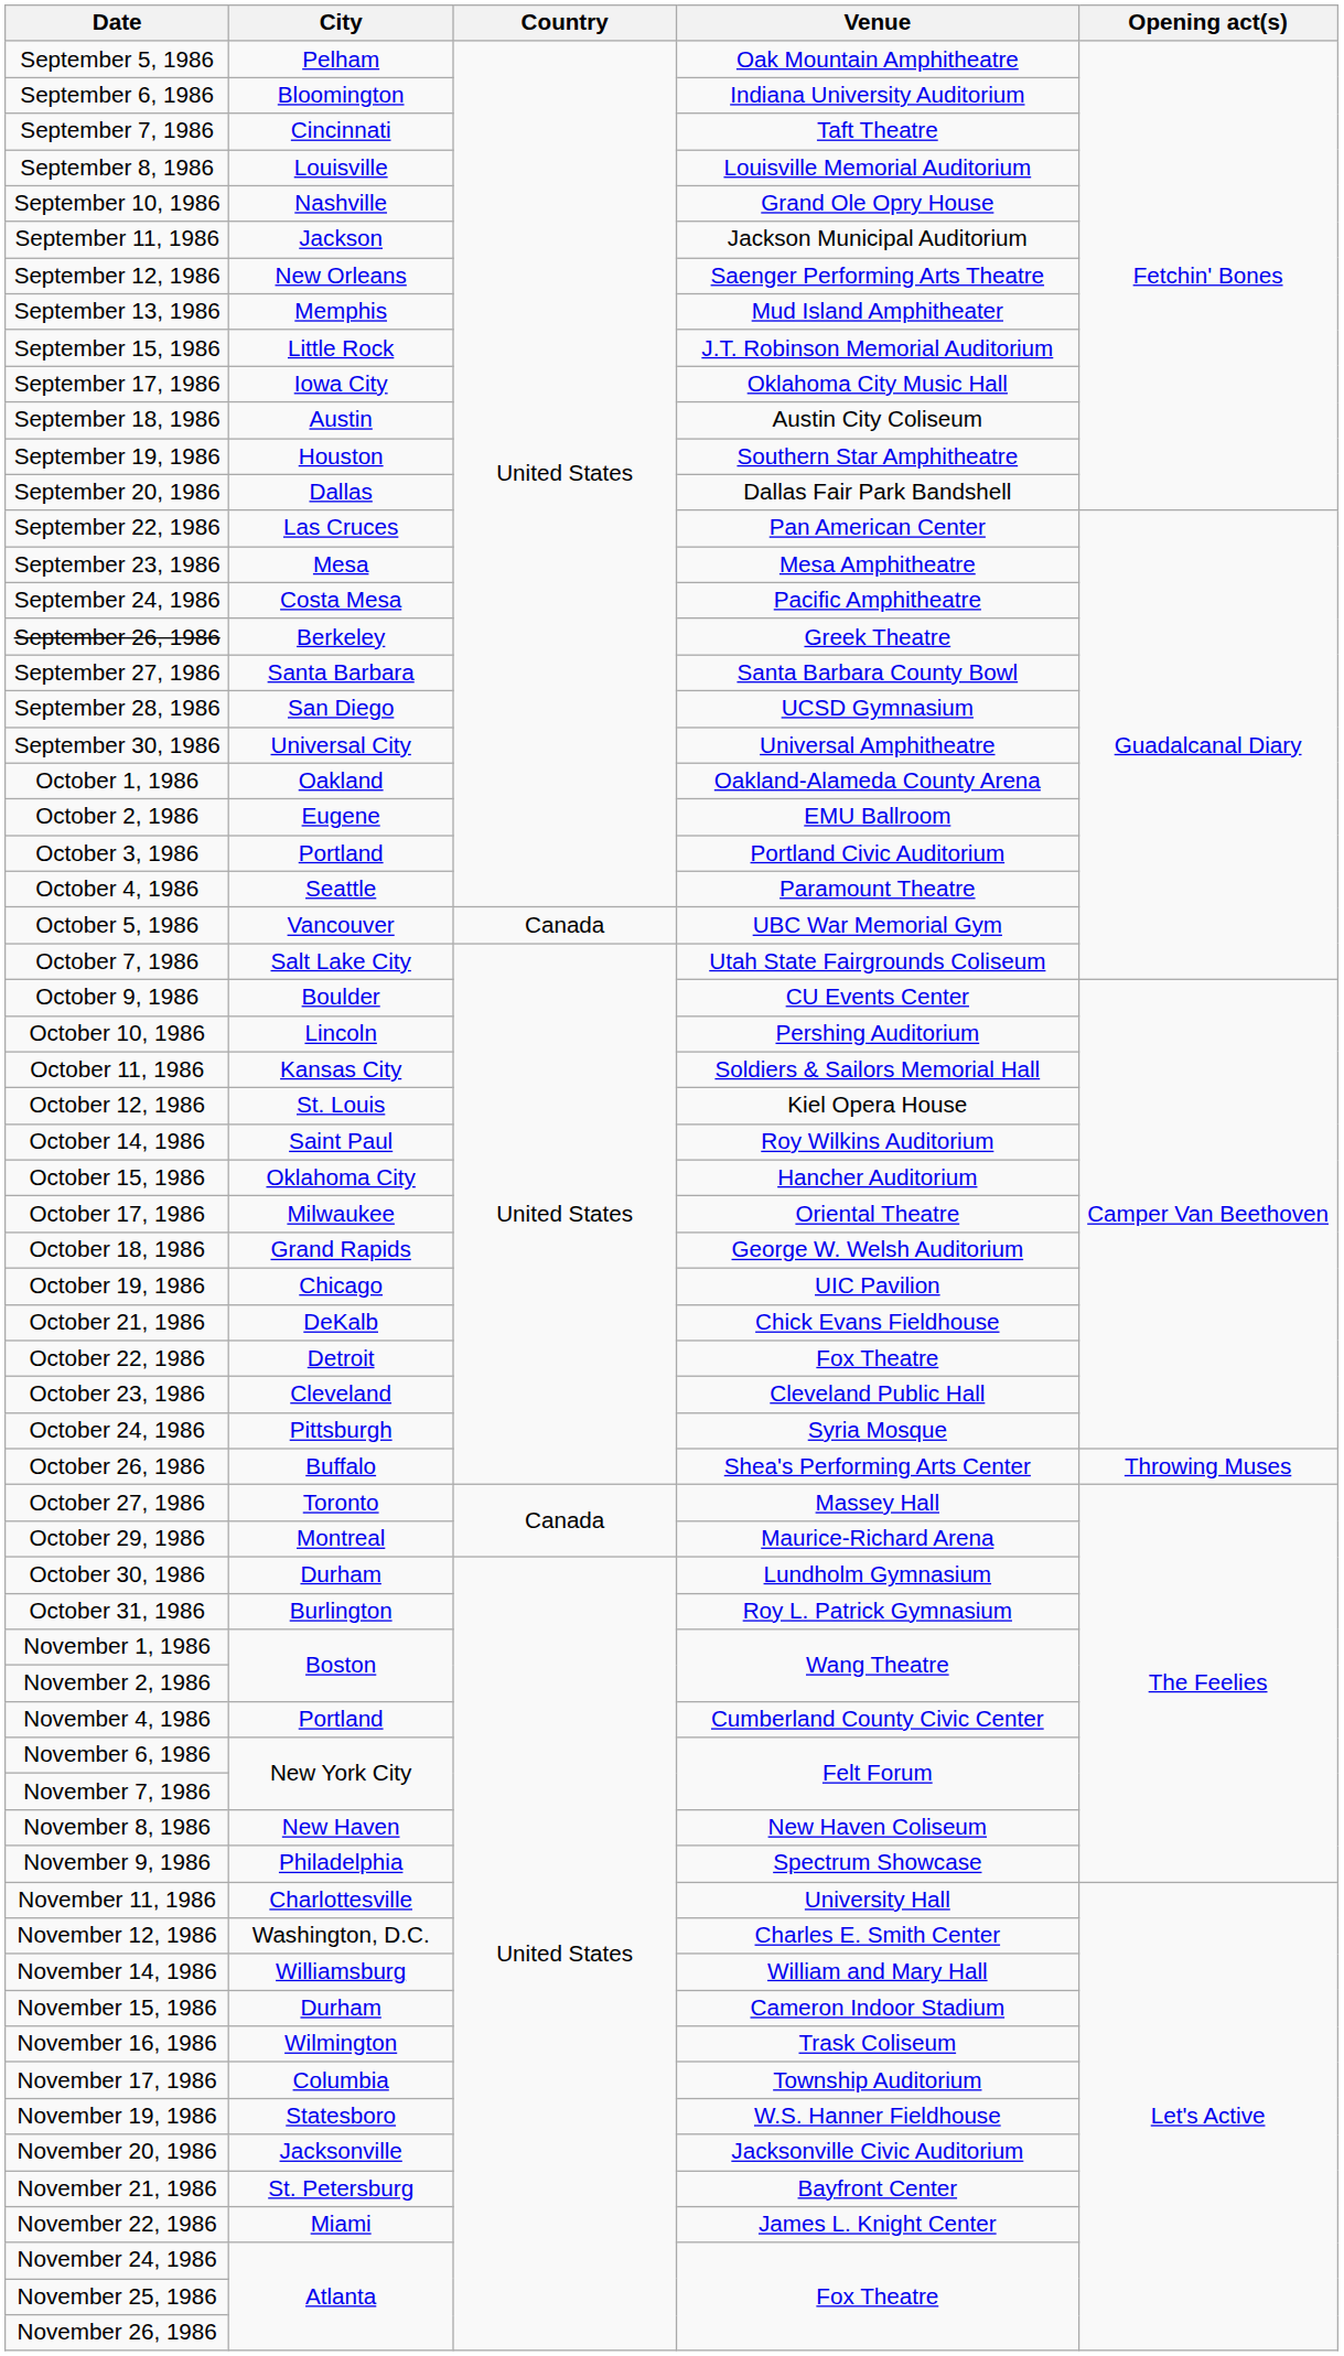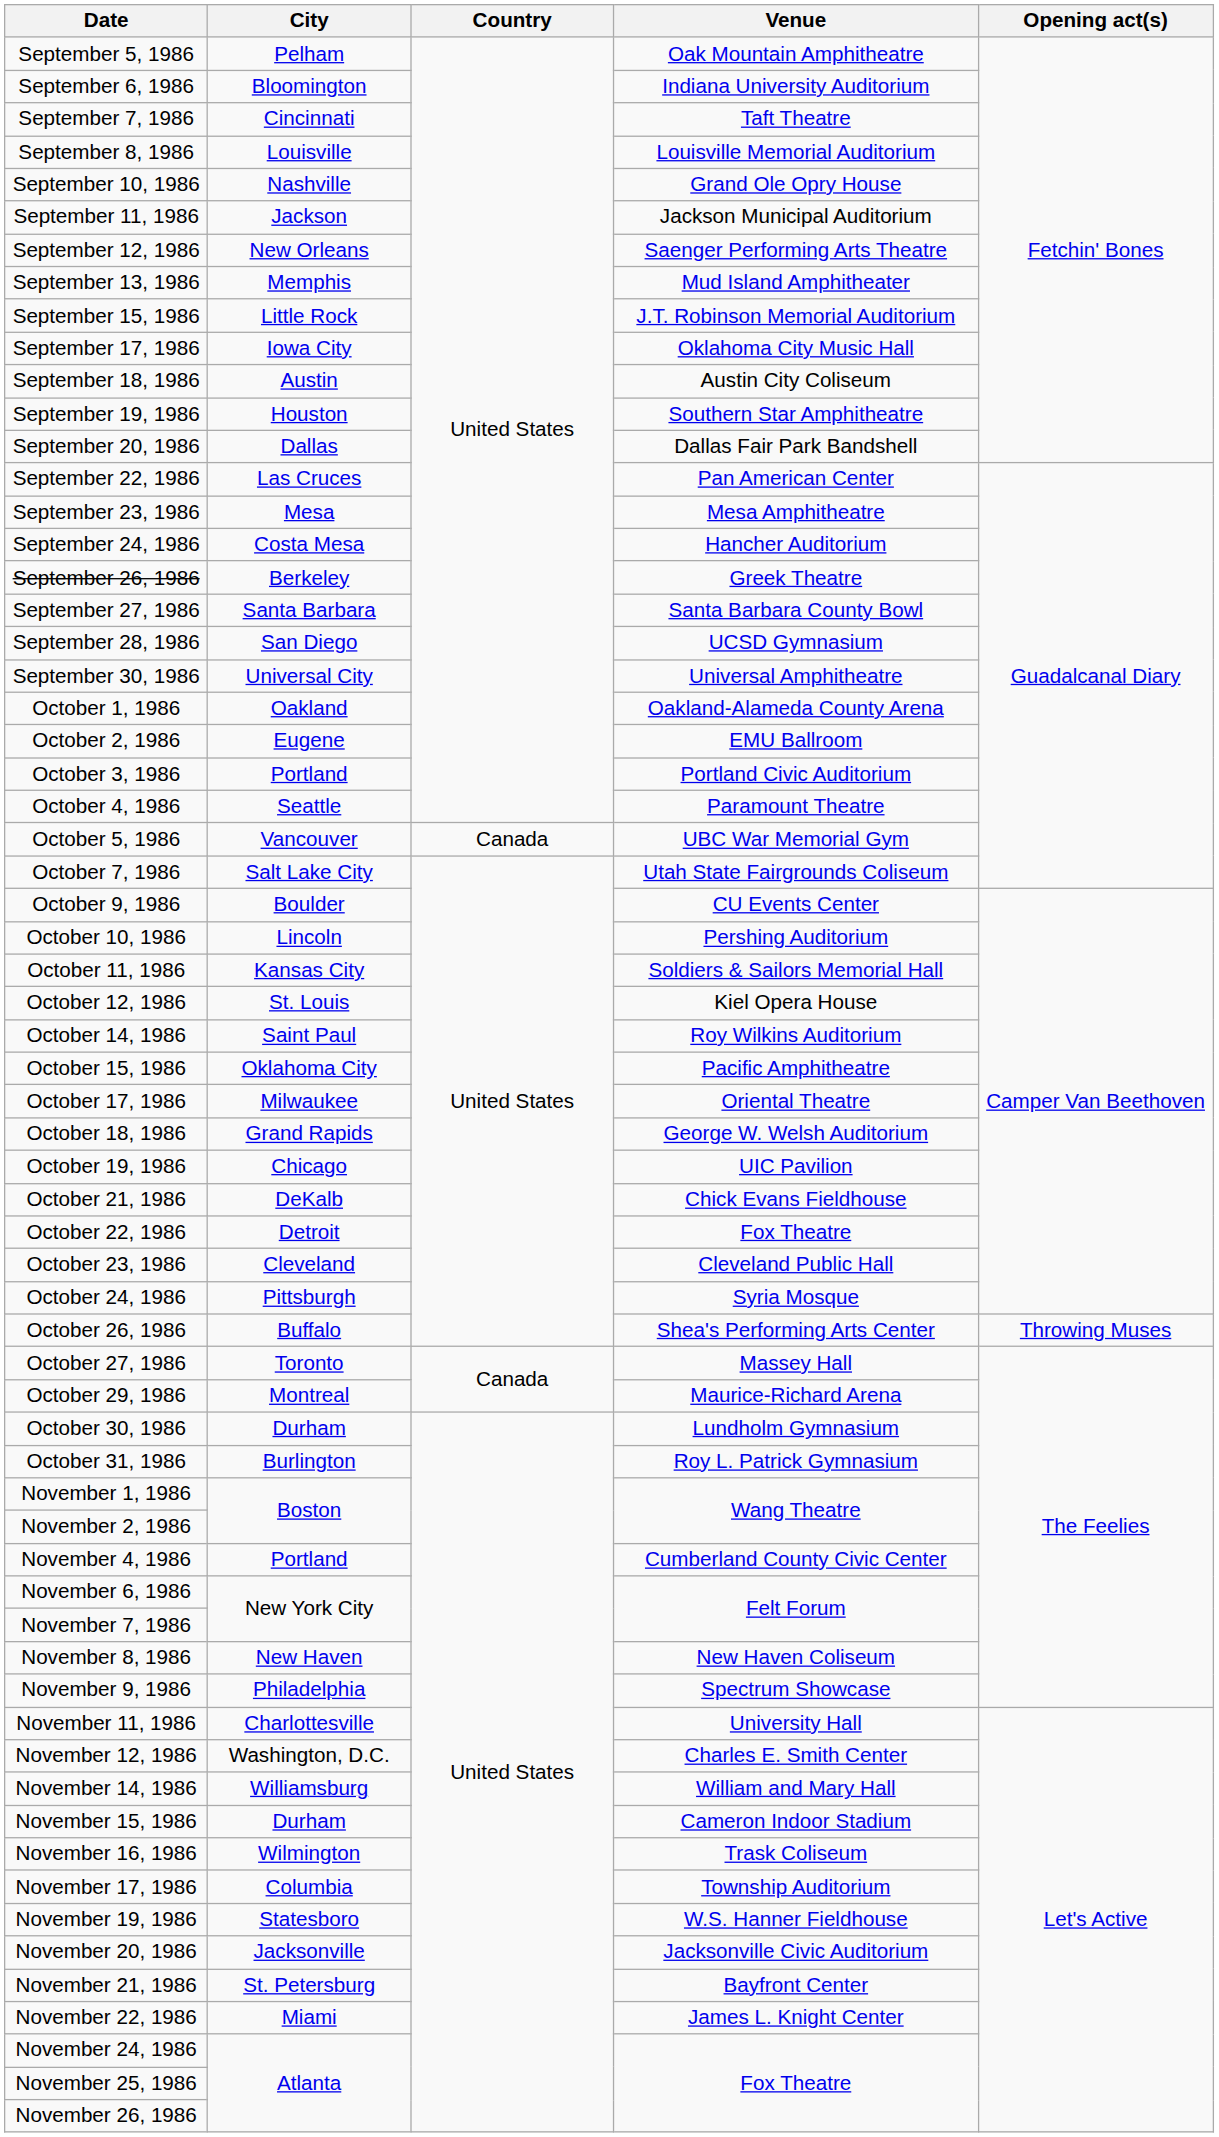 <table class="wikitable" style="text-align:center;">
 <tr>
 <th width="150">Date</th>
 <th width="150">City</th>
 <th width="150">Country</th>
 <th width="275">Venue</th>
 <th width="175">Opening act(s)</th>
 </tr>
 <tr>
 <td>September 5, 1986</td>
 <td><a href='#'>Pelham</a></td>
 <td rowspan="24">United States</td>
 <td><a href='#'>Oak Mountain Amphitheatre</a></td>
 <td rowspan="13"><a href='#'>Fetchin' Bones</a></td>
 </tr>
 <tr>
 <td>September 6, 1986</td>
 <td><a href='#'>Bloomington</a></td>
 <td><a href='#'>Indiana University Auditorium</a></td>
 </tr>
 <tr>
 <td>September 7, 1986</td>
 <td><a href='#'>Cincinnati</a></td>
 <td><a href='#'>Taft Theatre</a></td>
 </tr>
 <tr>
 <td>September 8, 1986</td>
 <td><a href='#'>Louisville</a></td>
 <td><a href='#'>Louisville Memorial Auditorium</a></td>
 </tr>
 <tr>
 <td>September 10, 1986</td>
 <td><a href='#'>Nashville</a></td>
 <td><a href='#'>Grand Ole Opry House</a></td>
 </tr>
 <tr>
 <td>September 11, 1986</td>
 <td><a href='#'>Jackson</a></td>
 <td>Jackson Municipal Auditorium</td>
 </tr>
 <tr>
 <td>September 12, 1986</td>
 <td><a href='#'>New Orleans</a></td>
 <td><a href='#'>Saenger Performing Arts Theatre</a></td>
 </tr>
 <tr>
 <td>September 13, 1986</td>
 <td><a href='#'>Memphis</a></td>
 <td><a href='#'>Mud Island Amphitheater</a></td>
 </tr>
 <tr>
 <td>September 15, 1986</td>
 <td><a href='#'>Little Rock</a></td>
 <td><a href='#'>J.T. Robinson Memorial Auditorium</a></td>
 </tr>
 <tr>
 <td>September 17, 1986</td>
 <td><a href='#'>Iowa City</a></td>
 <td><a href='#'>Oklahoma City Music Hall</a></td>
 </tr>
 <tr>
 <td>September 18, 1986</td>
 <td><a href='#'>Austin</a></td>
 <td>Austin City Coliseum</td>
 </tr>
 <tr>
 <td>September 19, 1986</td>
 <td><a href='#'>Houston</a></td>
 <td><a href='#'>Southern Star Amphitheatre</a></td>
 </tr>
 <tr>
 <td>September 20, 1986</td>
 <td><a href='#'>Dallas</a></td>
 <td>Dallas Fair Park Bandshell</td>
 </tr>
 <tr>
 <td>September 22, 1986</td>
 <td><a href='#'>Las Cruces</a></td>
 <td><a href='#'>Pan American Center</a></td>
 <td rowspan="13"><a href='#'>Guadalcanal Diary</a></td>
 </tr>
 <tr>
 <td>September 23, 1986</td>
 <td><a href='#'>Mesa</a></td>
 <td><a href='#'>Mesa Amphitheatre</a></td>
 </tr>
 <tr>
 <td>September 24, 1986</td>
 <td><a href='#'>Costa Mesa</a></td>
-<td><a href='#'>Pacific Amphitheatre</a></td>
+<td><a href='#'>Hancher Auditorium</a></td>
 </tr>
 <tr>
 <td><s>September 26, 1986</s></td>
 <td><a href='#'>Berkeley</a></td>
 <td><a href='#'>Greek Theatre</a></td>
 </tr>
 <tr>
 <td>September 27, 1986</td>
 <td><a href='#'>Santa Barbara</a></td>
 <td><a href='#'>Santa Barbara County Bowl</a></td>
 </tr>
 <tr>
 <td>September 28, 1986</td>
 <td><a href='#'>San Diego</a></td>
 <td><a href='#'>UCSD Gymnasium</a></td>
 </tr>
 <tr>
 <td>September 30, 1986</td>
 <td><a href='#'>Universal City</a></td>
 <td><a href='#'>Universal Amphitheatre</a></td>
 </tr>
 <tr>
 <td>October 1, 1986</td>
 <td><a href='#'>Oakland</a></td>
 <td><a href='#'>Oakland-Alameda County Arena</a></td>
 </tr>
 <tr>
 <td>October 2, 1986</td>
 <td><a href='#'>Eugene</a></td>
 <td><a href='#'>EMU Ballroom</a></td>
 </tr>
 <tr>
 <td>October 3, 1986</td>
 <td><a href='#'>Portland</a></td>
 <td><a href='#'>Portland Civic Auditorium</a></td>
 </tr>
 <tr>
 <td>October 4, 1986</td>
 <td><a href='#'>Seattle</a></td>
 <td><a href='#'>Paramount Theatre</a></td>
 </tr>
 <tr>
 <td>October 5, 1986</td>
 <td><a href='#'>Vancouver</a></td>
 <td>Canada</td>
 <td><a href='#'>UBC War Memorial Gym</a></td>
 </tr>
 <tr>
 <td>October 7, 1986</td>
 <td><a href='#'>Salt Lake City</a></td>
 <td rowspan="15">United States</td>
 <td><a href='#'>Utah State Fairgrounds Coliseum</a></td>
 </tr>
 <tr>
 <td>October 9, 1986</td>
 <td><a href='#'>Boulder</a></td>
 <td><a href='#'>CU Events Center</a></td>
 <td rowspan="13"><a href='#'>Camper Van Beethoven</a></td>
 </tr>
 <tr>
 <td>October 10, 1986</td>
 <td><a href='#'>Lincoln</a></td>
 <td><a href='#'>Pershing Auditorium</a></td>
 </tr>
 <tr>
 <td>October 11, 1986</td>
 <td><a href='#'>Kansas City</a></td>
 <td><a href='#'>Soldiers & Sailors Memorial Hall</a></td>
 </tr>
 <tr>
 <td>October 12, 1986</td>
 <td><a href='#'>St. Louis</a></td>
 <td>Kiel Opera House</td>
 </tr>
 <tr>
 <td>October 14, 1986</td>
 <td><a href='#'>Saint Paul</a></td>
 <td><a href='#'>Roy Wilkins Auditorium</a></td>
 </tr>
 <tr>
 <td>October 15, 1986</td>
 <td><a href='#'>Oklahoma City</a></td>
-<td><a href='#'>Hancher Auditorium</a></td>
+<td><a href='#'>Pacific Amphitheatre</a></td>
 </tr>
 <tr>
 <td>October 17, 1986</td>
 <td><a href='#'>Milwaukee</a></td>
 <td><a href='#'>Oriental Theatre</a></td>
 </tr>
 <tr>
 <td>October 18, 1986</td>
 <td><a href='#'>Grand Rapids</a></td>
 <td><a href='#'>George W. Welsh Auditorium</a></td>
 </tr>
 <tr>
 <td>October 19, 1986</td>
 <td><a href='#'>Chicago</a></td>
 <td><a href='#'>UIC Pavilion</a></td>
 </tr>
 <tr>
 <td>October 21, 1986</td>
 <td><a href='#'>DeKalb</a></td>
 <td><a href='#'>Chick Evans Fieldhouse</a></td>
 </tr>
 <tr>
 <td>October 22, 1986</td>
 <td><a href='#'>Detroit</a></td>
 <td><a href='#'>Fox Theatre</a></td>
 </tr>
 <tr>
 <td>October 23, 1986</td>
 <td><a href='#'>Cleveland</a></td>
 <td><a href='#'>Cleveland Public Hall</a></td>
 </tr>
 <tr>
 <td>October 24, 1986</td>
 <td><a href='#'>Pittsburgh</a></td>
 <td><a href='#'>Syria Mosque</a></td>
 </tr>
 <tr>
 <td>October 26, 1986</td>
 <td><a href='#'>Buffalo</a></td>
 <td><a href='#'>Shea's Performing Arts Center</a></td>
 <td><a href='#'>Throwing Muses</a></td>
 </tr>
 <tr>
 <td>October 27, 1986</td>
 <td><a href='#'>Toronto</a></td>
 <td rowspan="2">Canada</td>
 <td><a href='#'>Massey Hall</a></td>
 <td rowspan="11"><a href='#'>The Feelies</a></td>
 </tr>
 <tr>
 <td>October 29, 1986</td>
 <td><a href='#'>Montreal</a></td>
 <td><a href='#'>Maurice-Richard Arena</a></td>
 </tr>
 <tr>
 <td>October 30, 1986</td>
 <td><a href='#'>Durham</a></td>
 <td rowspan="22">United States</td>
 <td><a href='#'>Lundholm Gymnasium</a></td>
 </tr>
 <tr>
 <td>October 31, 1986</td>
 <td><a href='#'>Burlington</a></td>
 <td><a href='#'>Roy L. Patrick Gymnasium</a></td>
 </tr>
 <tr>
 <td>November 1, 1986</td>
 <td rowspan="2"><a href='#'>Boston</a></td>
 <td rowspan="2"><a href='#'>Wang Theatre</a></td>
 </tr>
 <tr>
 <td>November 2, 1986</td>
 </tr>
 <tr>
 <td>November 4, 1986</td>
 <td><a href='#'>Portland</a></td>
 <td><a href='#'>Cumberland County Civic Center</a></td>
 </tr>
 <tr>
 <td>November 6, 1986</td>
 <td rowspan="2">New York City</td>
 <td rowspan="2"><a href='#'>Felt Forum</a></td>
 </tr>
 <tr>
 <td>November 7, 1986</td>
 </tr>
 <tr>
 <td>November 8, 1986</td>
 <td><a href='#'>New Haven</a></td>
 <td><a href='#'>New Haven Coliseum</a></td>
 </tr>
 <tr>
 <td>November 9, 1986</td>
 <td><a href='#'>Philadelphia</a></td>
 <td><a href='#'>Spectrum Showcase</a></td>
 </tr>
 <tr>
 <td>November 11, 1986</td>
 <td><a href='#'>Charlottesville</a></td>
 <td><a href='#'>University Hall</a></td>
 <td rowspan="13"><a href='#'>Let's Active</a></td>
 </tr>
 <tr>
 <td>November 12, 1986</td>
 <td>Washington, D.C.</td>
 <td><a href='#'>Charles E. Smith Center</a></td>
 </tr>
 <tr>
 <td>November 14, 1986</td>
 <td><a href='#'>Williamsburg</a></td>
 <td><a href='#'>William and Mary Hall</a></td>
 </tr>
 <tr>
 <td>November 15, 1986</td>
 <td><a href='#'>Durham</a></td>
 <td><a href='#'>Cameron Indoor Stadium</a></td>
 </tr>
 <tr>
 <td>November 16, 1986</td>
 <td><a href='#'>Wilmington</a></td>
 <td><a href='#'>Trask Coliseum</a></td>
 </tr>
 <tr>
 <td>November 17, 1986</td>
 <td><a href='#'>Columbia</a></td>
 <td><a href='#'>Township Auditorium</a></td>
 </tr>
 <tr>
 <td>November 19, 1986</td>
 <td><a href='#'>Statesboro</a></td>
 <td><a href='#'>W.S. Hanner Fieldhouse</a></td>
 </tr>
 <tr>
 <td>November 20, 1986</td>
 <td><a href='#'>Jacksonville</a></td>
 <td><a href='#'>Jacksonville Civic Auditorium</a></td>
 </tr>
 <tr>
 <td>November 21, 1986</td>
 <td><a href='#'>St. Petersburg</a></td>
 <td><a href='#'>Bayfront Center</a></td>
 </tr>
 <tr>
 <td>November 22, 1986</td>
 <td><a href='#'>Miami</a></td>
 <td><a href='#'>James L. Knight Center</a></td>
 </tr>
 <tr>
 <td>November 24, 1986</td>
 <td rowspan="3"><a href='#'>Atlanta</a></td>
 <td rowspan="3"><a href='#'>Fox Theatre</a></td>
 </tr>
 <tr>
 <td>November 25, 1986</td>
 </tr>
 <tr>
 <td>November 26, 1986</td>
 </tr>
 </table>
